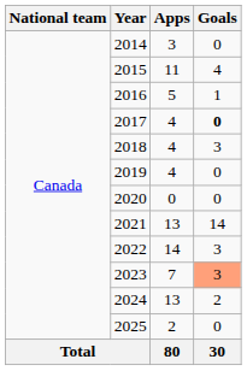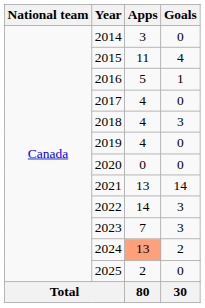 <table class="wikitable" style="text-align:center">
 <tr>
 <th>National team</th>
 <th>Year</th>
 <th>Apps</th>
 <th>Goals</th>
 </tr>
 <tr>
 <td rowspan="12"><a href='#'>Canada</a></td>
 <td>2014</td>
 <td>3</td>
 <td>0</td>
 </tr>
 <tr>
 <td>2015</td>
 <td>11</td>
 <td>4</td>
 </tr>
 <tr>
 <td>2016</td>
 <td>5</td>
 <td>1</td>
 </tr>
 <tr>
 <td>2017</td>
 <td>4</td>
-<td><strong>0</strong></td>
+<td>0</td>
 </tr>
 <tr>
 <td>2018</td>
 <td>4</td>
 <td>3</td>
 </tr>
 <tr>
 <td>2019</td>
 <td>4</td>
 <td>0</td>
 </tr>
 <tr>
 <td>2020</td>
 <td>0</td>
 <td>0</td>
 </tr>
 <tr>
 <td>2021</td>
 <td>13</td>
 <td>14</td>
 </tr>
 <tr>
 <td>2022</td>
 <td>14</td>
 <td>3</td>
 </tr>
 <tr>
 <td>2023</td>
 <td>7</td>
-<td style="background: lightsalmon;">3</td>
+<td>3</td>
 </tr>
 <tr>
 <td>2024</td>
-<td>13</td>
+<td style="background: lightsalmon;">13</td>
 <td>2</td>
 </tr>
 <tr>
 <td>2025</td>
 <td>2</td>
 <td>0</td>
 </tr>
 <tr>
 <th colspan="2">Total</th>
 <th>80</th>
 <th>30</th>
 </tr>
 </table>
